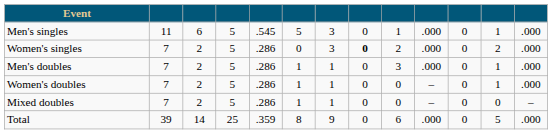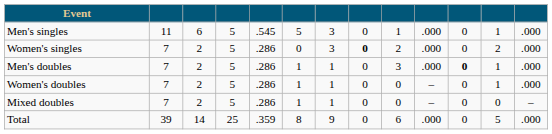 <table class="wikitable" style="text-align:center">
 <tr>
 <th style="background:#015779; color:#E2C993" width="200px">Event</th>
 <th style="background:#015779; color:#E2C993" width="40px"></th>
 <th style="background:#015779; color:#E2C993" width="40px"></th>
 <th style="background:#015779; color:#E2C993" width="40px"></th>
 <th style="background:#015779; color:#E2C993" width="40px"></th>
 <th style="background:#015779; color:#E2C993" width="40px"></th>
 <th style="background:#015779; color:#E2C993" width="40px"></th>
 <th style="background:#015779; color:#E2C993" width="40px"></th>
 <th style="background:#015779; color:#E2C993" width="40px"></th>
 <th style="background:#015779; color:#E2C993" width="40px"></th>
 <th style="background:#015779; color:#E2C993" width="40px"></th>
 <th style="background:#015779; color:#E2C993" width="40px"></th>
 <th style="background:#015779; color:#E2C993" width="40px"></th>
 </tr>
 <tr>
 <td style="text-align:left">Men's singles</td>
 <td>11</td>
 <td>6</td>
 <td>5</td>
 <td>.545</td>
 <td>5</td>
 <td>3</td>
 <td>0</td>
 <td>1</td>
 <td>.000</td>
 <td>0</td>
 <td>1</td>
 <td>.000</td>
 </tr>
 <tr>
 <td style="text-align:left">Women's singles</td>
 <td>7</td>
 <td>2</td>
 <td>5</td>
 <td>.286</td>
 <td>0</td>
 <td>3</td>
 <td><strong>0</strong></td>
 <td>2</td>
 <td>.000</td>
 <td>0</td>
 <td>2</td>
 <td>.000</td>
 </tr>
 <tr>
 <td style="text-align:left">Men's doubles</td>
 <td>7</td>
 <td>2</td>
 <td>5</td>
 <td>.286</td>
 <td>1</td>
 <td>1</td>
 <td>0</td>
 <td>3</td>
 <td>.000</td>
-<td>0</td>
+<td><strong>0</strong></td>
 <td>1</td>
 <td>.000</td>
 </tr>
 <tr>
 <td style="text-align:left">Women's doubles</td>
 <td>7</td>
 <td>2</td>
 <td>5</td>
 <td>.286</td>
 <td>1</td>
 <td>1</td>
 <td>0</td>
 <td>0</td>
 <td>–</td>
 <td>0</td>
 <td>1</td>
 <td>.000</td>
 </tr>
 <tr>
 <td style="text-align:left">Mixed doubles</td>
 <td>7</td>
 <td>2</td>
 <td>5</td>
 <td>.286</td>
 <td>1</td>
 <td>1</td>
 <td>0</td>
 <td>0</td>
 <td>–</td>
 <td>0</td>
 <td>0</td>
 <td>–</td>
 </tr>
 <tr>
 <td style="text-align:left">Total</td>
 <td>39</td>
 <td>14</td>
 <td>25</td>
 <td>.359</td>
 <td>8</td>
 <td>9</td>
 <td>0</td>
 <td>6</td>
 <td>.000</td>
 <td>0</td>
 <td>5</td>
 <td>.000</td>
 </tr>
 </table>
